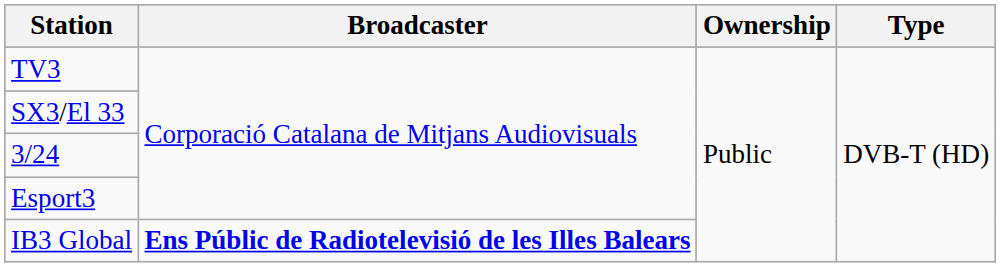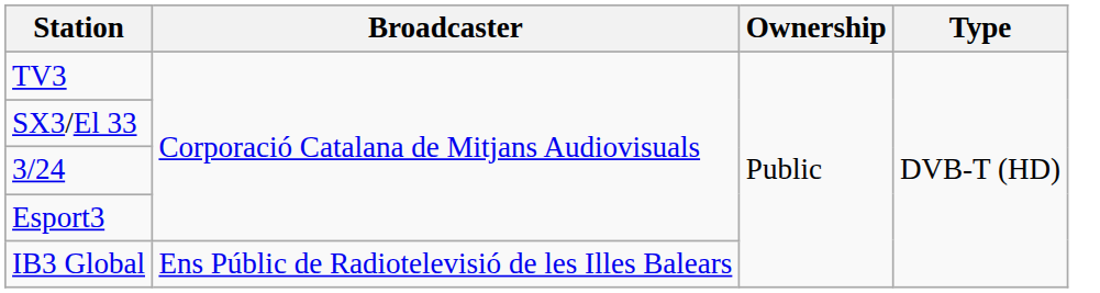 <table class="wikitable">
 <tr>
 <th>Station</th>
 <th>Broadcaster</th>
 <th>Ownership</th>
 <th>Type</th>
 </tr>
 <tr>
 <td><a href='#'>TV3</a></td>
 <td rowspan="4"><a href='#'>Corporació Catalana de Mitjans Audiovisuals</a></td>
 <td rowspan="5">Public</td>
 <td rowspan="5">DVB-T (HD)</td>
 </tr>
 <tr>
 <td><a href='#'>SX3</a>/<a href='#'>El 33</a></td>
 </tr>
 <tr>
 <td><a href='#'>3/24</a></td>
 </tr>
 <tr>
 <td><a href='#'>Esport3</a></td>
 </tr>
 <tr>
 <td><a href='#'>IB3 Global</a></td>
-<td><strong><a href='#'>Ens Públic de Radiotelevisió de les Illes Balears</a></strong></td>
+<td><a href='#'>Ens Públic de Radiotelevisió de les Illes Balears</a></td>
 </tr>
 </table>
